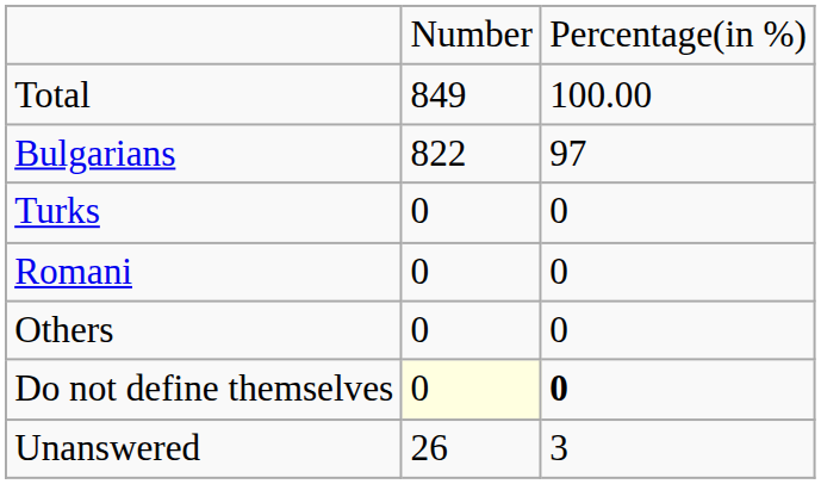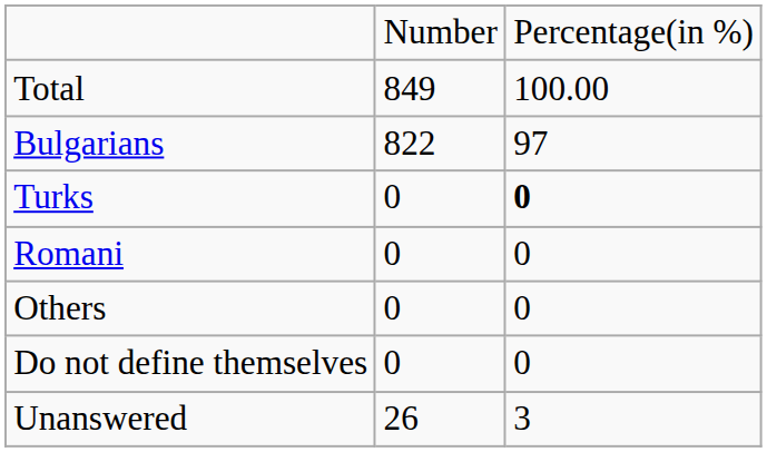 <table class="wikitable">
 <tr>
 <td></td>
 <td>Number</td>
 <td>Percentage(in %)</td>
 </tr>
 <tr>
 <td>Total</td>
 <td>849</td>
 <td>100.00</td>
 </tr>
 <tr>
 <td><a href='#'>Bulgarians</a></td>
 <td>822</td>
 <td>97</td>
 </tr>
 <tr>
 <td><a href='#'>Turks</a></td>
 <td>0</td>
-<td>0</td>
+<td><strong>0</strong></td>
 </tr>
 <tr>
 <td><a href='#'>Romani</a></td>
 <td>0</td>
 <td>0</td>
 </tr>
 <tr>
 <td>Others</td>
 <td>0</td>
 <td>0</td>
 </tr>
 <tr>
 <td>Do not define themselves</td>
-<td style="background: lightyellow;">0</td>
-<td><strong>0</strong></td>
+<td>0</td>
+<td>0</td>
 </tr>
 <tr>
 <td>Unanswered</td>
 <td>26</td>
 <td>3</td>
 </tr>
 </table>
